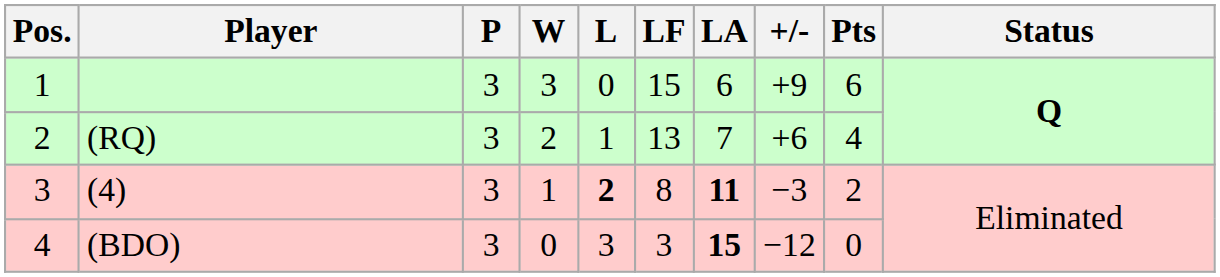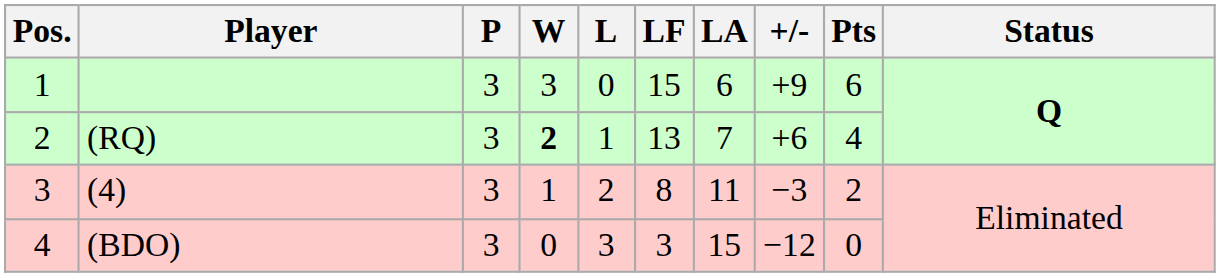 <table class="wikitable" style="text-align:center; margin: 1em auto 1em auto, align:left">
 <tr>
 <th width=20>Pos.</th>
 <th width=175>Player</th>
 <th width=20>P</th>
 <th width=20>W</th>
 <th width=20>L</th>
 <th width=20>LF</th>
 <th width=20>LA</th>
 <th width=20>+/-</th>
 <th width=20>Pts</th>
 <th width=150>Status</th>
 </tr>
 <tr style="background:#CCFFCC;">
 <td>1</td>
 <td style="text-align:left;"></td>
 <td>3</td>
 <td>3</td>
 <td>0</td>
 <td>15</td>
 <td>6</td>
 <td>+9</td>
 <td>6</td>
 <td rowspan=2><strong>Q</strong></td>
 </tr>
 <tr style="background:#CCFFCC;">
 <td>2</td>
 <td style="text-align:left;"> (RQ)</td>
 <td>3</td>
-<td>2</td>
+<td><strong>2</strong></td>
 <td>1</td>
 <td>13</td>
 <td>7</td>
 <td>+6</td>
 <td>4</td>
 </tr>
 <tr style="background:#FFCCCC;">
 <td>3</td>
 <td style="text-align:left;"> (4)</td>
 <td>3</td>
 <td>1</td>
-<td><strong>2</strong></td>
+<td>2</td>
 <td>8</td>
-<td><strong>11</strong></td>
+<td>11</td>
 <td>−3</td>
 <td>2</td>
 <td rowspan=2>Eliminated</td>
 </tr>
 <tr style="background:#FFCCCC;">
 <td>4</td>
 <td style="text-align:left;"> (BDO)</td>
 <td>3</td>
 <td>0</td>
 <td>3</td>
 <td>3</td>
-<td><strong>15</strong></td>
+<td>15</td>
 <td>−12</td>
 <td>0</td>
 </tr>
 </table>
